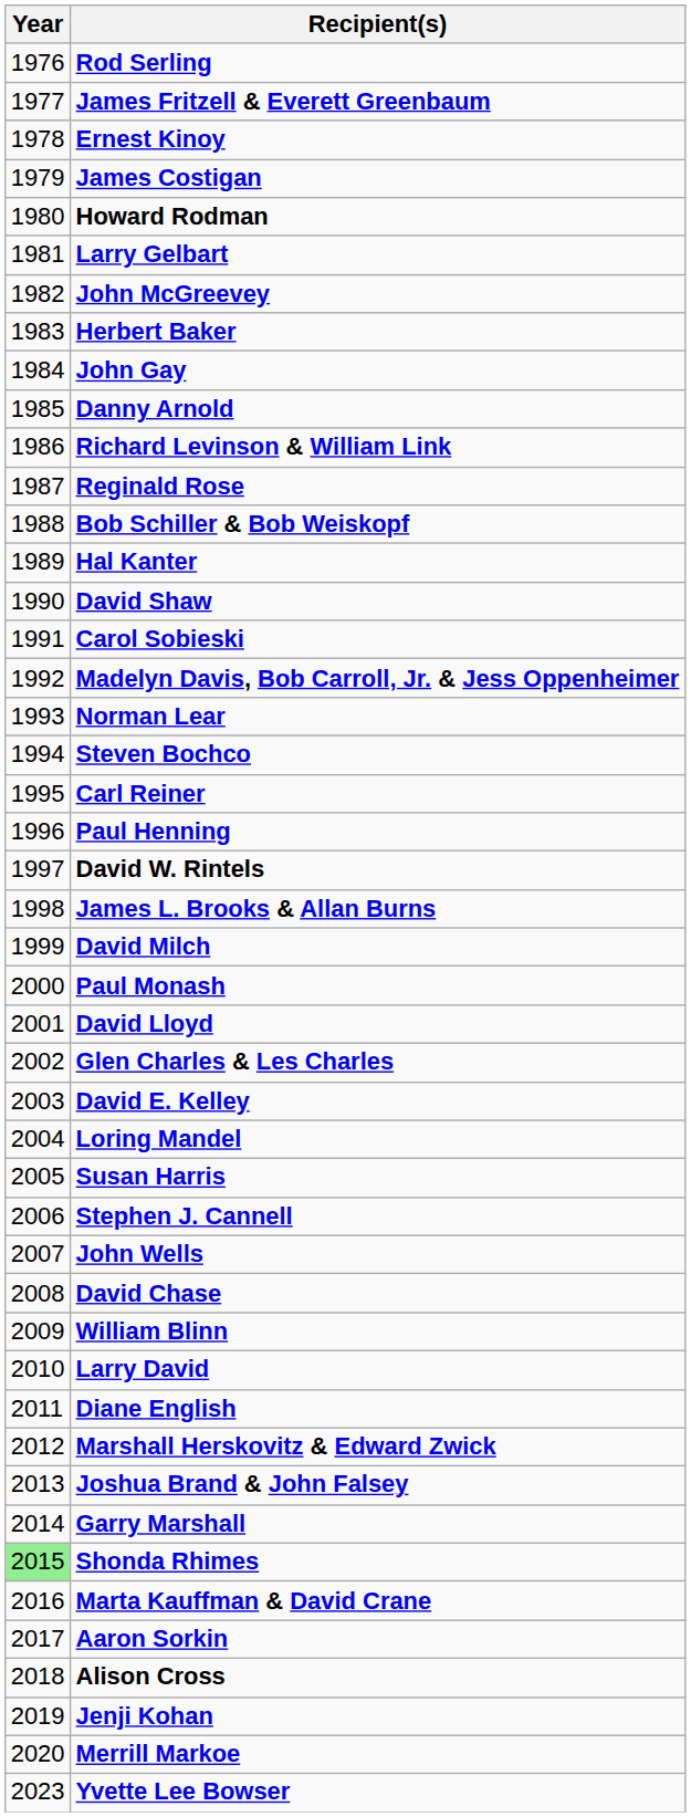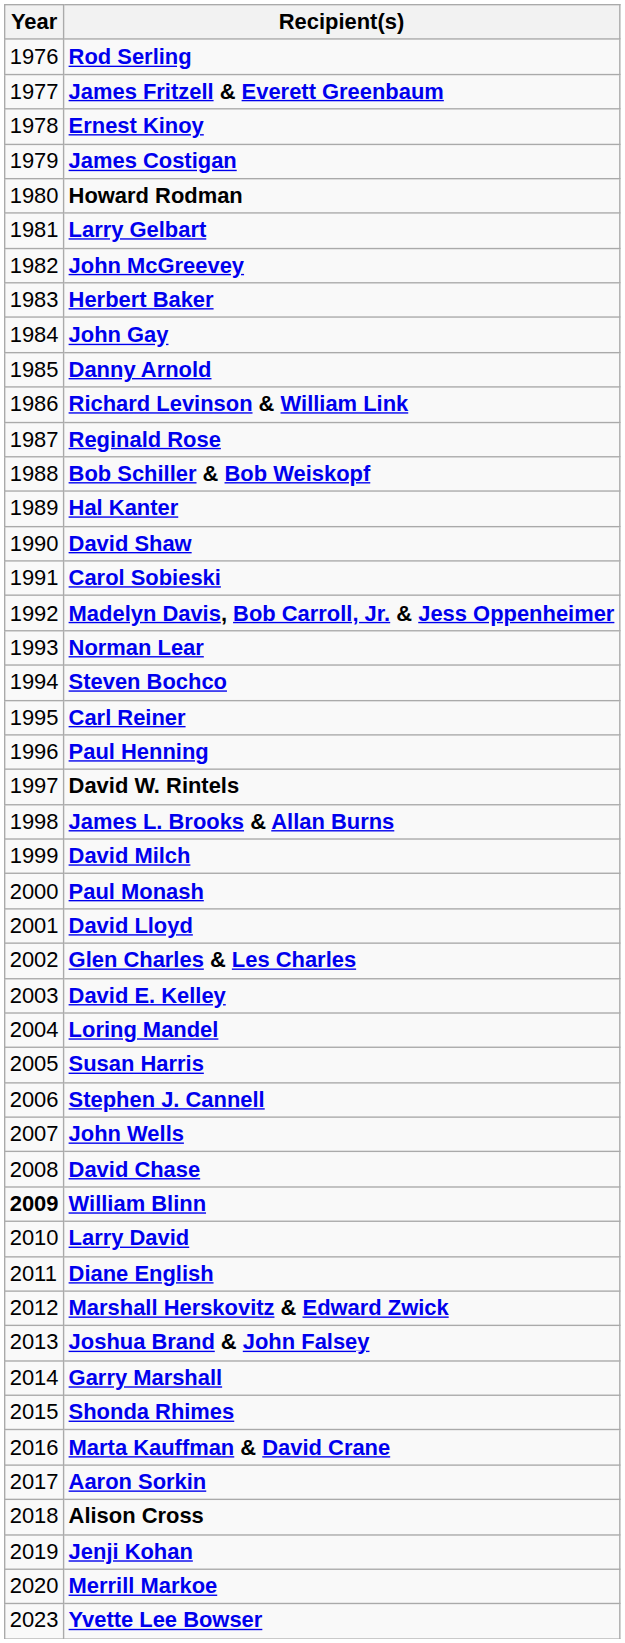 <table class="wikitable">
 <tr>
 <th>Year</th>
 <th>Recipient(s)</th>
 </tr>
 <tr>
 <td>1976</td>
 <td><strong><a href='#'>Rod Serling</a></strong></td>
 </tr>
 <tr>
 <td>1977</td>
 <td><strong><a href='#'>James Fritzell</a> & <a href='#'>Everett Greenbaum</a></strong></td>
 </tr>
 <tr>
 <td>1978</td>
 <td><strong><a href='#'>Ernest Kinoy</a></strong></td>
 </tr>
 <tr>
 <td>1979</td>
 <td><strong><a href='#'>James Costigan</a></strong></td>
 </tr>
 <tr>
 <td>1980</td>
 <td><strong>Howard Rodman</strong></td>
 </tr>
 <tr>
 <td>1981</td>
 <td><strong><a href='#'>Larry Gelbart</a></strong></td>
 </tr>
 <tr>
 <td>1982</td>
 <td><strong><a href='#'>John McGreevey</a></strong></td>
 </tr>
 <tr>
 <td>1983</td>
 <td><a href='#'><strong>Herbert Baker</strong></a></td>
 </tr>
 <tr>
 <td>1984</td>
 <td><a href='#'><strong>John Gay</strong></a></td>
 </tr>
 <tr>
 <td>1985</td>
 <td><strong><a href='#'>Danny Arnold</a></strong></td>
 </tr>
 <tr>
 <td>1986</td>
 <td><strong><a href='#'>Richard Levinson</a> & <a href='#'>William Link</a></strong></td>
 </tr>
 <tr>
 <td>1987</td>
 <td><strong><a href='#'>Reginald Rose</a></strong></td>
 </tr>
 <tr>
 <td>1988</td>
 <td><strong><a href='#'>Bob Schiller</a> & <a href='#'>Bob Weiskopf</a></strong></td>
 </tr>
 <tr>
 <td>1989</td>
 <td><strong><a href='#'>Hal Kanter</a></strong></td>
 </tr>
 <tr>
 <td>1990</td>
 <td><a href='#'><strong>David Shaw</strong></a></td>
 </tr>
 <tr>
 <td>1991</td>
 <td><strong><a href='#'>Carol Sobieski</a></strong></td>
 </tr>
 <tr>
 <td>1992</td>
 <td><strong><a href='#'>Madelyn Davis</a>, <a href='#'>Bob Carroll, Jr.</a> & <a href='#'>Jess Oppenheimer</a></strong></td>
 </tr>
 <tr>
 <td>1993</td>
 <td><strong><a href='#'>Norman Lear</a></strong></td>
 </tr>
 <tr>
 <td>1994</td>
 <td><strong><a href='#'>Steven Bochco</a></strong></td>
 </tr>
 <tr>
 <td>1995</td>
 <td><strong><a href='#'>Carl Reiner</a></strong></td>
 </tr>
 <tr>
 <td>1996</td>
 <td><strong><a href='#'>Paul Henning</a></strong></td>
 </tr>
 <tr>
 <td>1997</td>
 <td><strong>David W. Rintels</strong></td>
 </tr>
 <tr>
 <td>1998</td>
 <td><strong><a href='#'>James L. Brooks</a> & <a href='#'>Allan Burns</a></strong></td>
 </tr>
 <tr>
 <td>1999</td>
 <td><strong><a href='#'>David Milch</a></strong></td>
 </tr>
 <tr>
 <td>2000</td>
 <td><strong><a href='#'>Paul Monash</a></strong></td>
 </tr>
 <tr>
 <td>2001</td>
 <td><a href='#'><strong>David Lloyd</strong></a></td>
 </tr>
 <tr>
 <td>2002</td>
 <td><strong><a href='#'>Glen Charles</a> & <a href='#'>Les Charles</a></strong></td>
 </tr>
 <tr>
 <td>2003</td>
 <td><strong><a href='#'>David E. Kelley</a></strong></td>
 </tr>
 <tr>
 <td>2004</td>
 <td><strong><a href='#'>Loring Mandel</a></strong></td>
 </tr>
 <tr>
 <td>2005</td>
 <td><strong><a href='#'>Susan Harris</a></strong></td>
 </tr>
 <tr>
 <td>2006</td>
 <td><strong><a href='#'>Stephen J. Cannell</a></strong></td>
 </tr>
 <tr>
 <td>2007</td>
 <td><a href='#'><strong>John Wells</strong></a></td>
 </tr>
 <tr>
 <td>2008</td>
 <td><strong><a href='#'>David Chase</a></strong></td>
 </tr>
 <tr>
-<td>2009</td>
+<td><strong>2009</strong></td>
 <td><strong><a href='#'>William Blinn</a></strong></td>
 </tr>
 <tr>
 <td>2010</td>
 <td><strong><a href='#'>Larry David</a></strong></td>
 </tr>
 <tr>
 <td>2011</td>
 <td><strong><a href='#'>Diane English</a></strong></td>
 </tr>
 <tr>
 <td>2012</td>
 <td><strong><a href='#'>Marshall Herskovitz</a> & <a href='#'>Edward Zwick</a></strong></td>
 </tr>
 <tr>
 <td>2013</td>
 <td><strong><a href='#'>Joshua Brand</a> & <a href='#'>John Falsey</a></strong></td>
 </tr>
 <tr>
 <td>2014</td>
 <td><strong><a href='#'>Garry Marshall</a></strong></td>
 </tr>
 <tr>
-<td style="background: lightgreen;">2015</td>
+<td>2015</td>
 <td><strong><a href='#'>Shonda Rhimes</a></strong></td>
 </tr>
 <tr>
 <td>2016</td>
 <td><strong><a href='#'>Marta Kauffman</a> & <a href='#'>David Crane</a></strong></td>
 </tr>
 <tr>
 <td>2017</td>
 <td><strong><a href='#'>Aaron Sorkin</a></strong></td>
 </tr>
 <tr>
 <td>2018</td>
 <td><strong>Alison Cross</strong></td>
 </tr>
 <tr>
 <td>2019</td>
 <td><strong><a href='#'>Jenji Kohan</a></strong></td>
 </tr>
 <tr>
 <td>2020</td>
 <td><strong><a href='#'>Merrill Markoe</a></strong></td>
 </tr>
 <tr>
 <td>2023</td>
 <td><strong><a href='#'>Yvette Lee Bowser</a></strong></td>
 </tr>
 </table>
